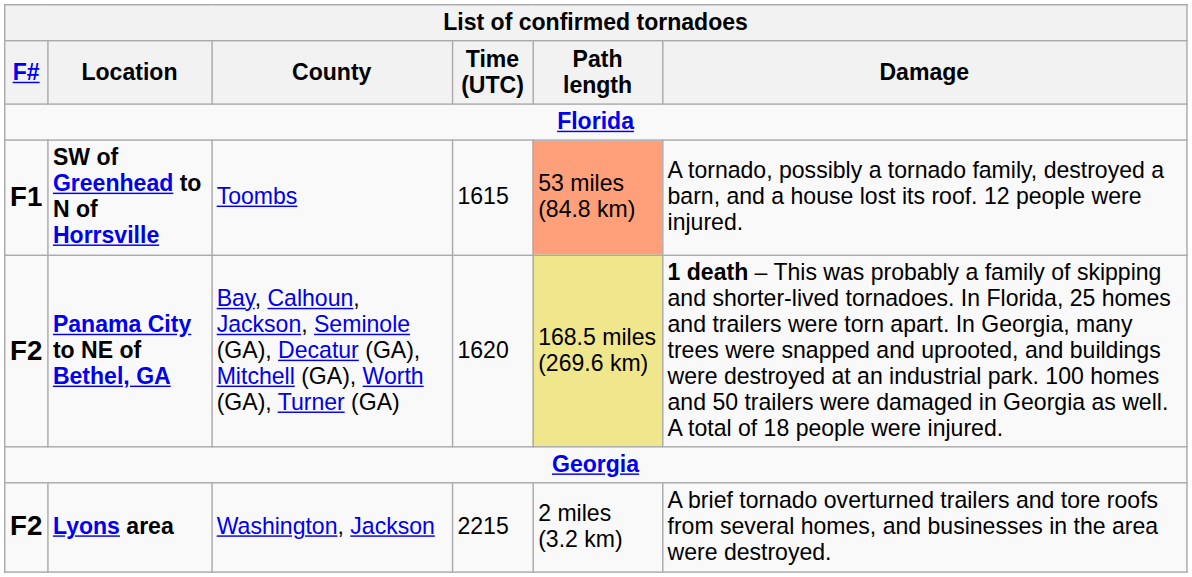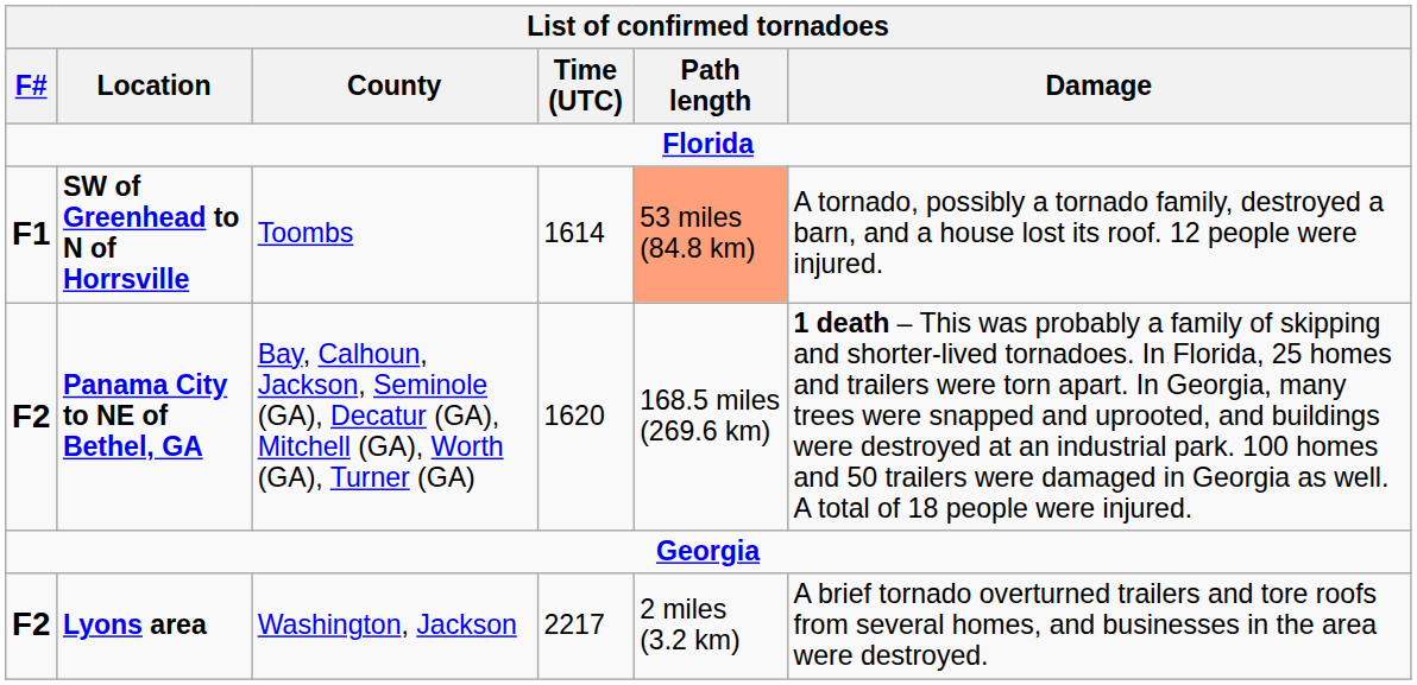 <table class="wikitable toccolours collapsible" width="65%">
 <tr>
 <th colspan="6">List of confirmed tornadoes</th>
 </tr>
 <tr>
 <th><a href='#'>F#</a></th>
 <th>Location</th>
 <th>County</th>
 <th>Time (UTC)</th>
 <th>Path length</th>
 <th>Damage</th>
 </tr>
 <tr>
 <td colspan="7" align=center><strong><a href='#'>Florida</a></strong></td>
 </tr>
 <tr>
 <td><big><strong>F1</strong></big></td>
 <td><strong>SW of <a href='#'>Greenhead</a> to N of <a href='#'>Horrsville</a></strong></td>
 <td><a href='#'>Toombs</a></td>
-<td>1615</td>
+<td>1614</td>
 <td style="background: lightsalmon;">53 miles <br>(84.8 km)</td>
 <td>A tornado, possibly a tornado family, destroyed a barn, and a house lost its roof. 12 people were injured.</td>
 </tr>
 <tr>
 <td><big><strong>F2</strong></big></td>
 <td><strong><a href='#'>Panama City</a> to NE of <a href='#'>Bethel, GA</a></strong></td>
 <td><a href='#'>Bay</a>, <a href='#'>Calhoun</a>, <a href='#'>Jackson</a>, <a href='#'>Seminole</a> (GA), <a href='#'>Decatur</a> (GA), <a href='#'>Mitchell</a> (GA), <a href='#'>Worth</a> (GA), <a href='#'>Turner</a> (GA)</td>
 <td>1620</td>
-<td style="background: khaki;">168.5 miles <br>(269.6 km)</td>
+<td>168.5 miles <br>(269.6 km)</td>
 <td><strong>1 death</strong> – This was probably a family of skipping and shorter-lived tornadoes. In Florida, 25 homes and trailers were torn apart. In Georgia, many trees were snapped and uprooted, and buildings were destroyed at an industrial park. 100 homes and 50 trailers were damaged in Georgia as well. A total of 18 people were injured.</td>
 </tr>
 <tr>
 <td colspan="7" align=center><strong><a href='#'>Georgia</a></strong></td>
 </tr>
 <tr>
 <td><big><strong>F2</strong></big></td>
 <td><strong><a href='#'>Lyons</a> area</strong></td>
 <td><a href='#'>Washington</a>, <a href='#'>Jackson</a></td>
-<td>2215</td>
+<td>2217</td>
 <td>2 miles <br>(3.2 km)</td>
 <td>A brief tornado overturned trailers and tore roofs from several homes, and businesses in the area were destroyed.</td>
 </tr>
 </table>
